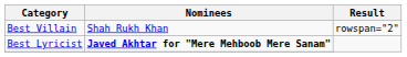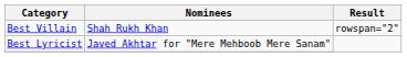 <table class="wikitable storable">
 <tr>
 <th>Category</th>
 <th>Nominees</th>
 <th>Result</th>
 </tr>
 <tr>
 <td><a href='#'>Best Villain</a></td>
 <td><a href='#'>Shah Rukh Khan</a></td>
 <td>rowspan="2"</td>
 </tr>
 <tr>
 <td><a href='#'>Best Lyricist</a></td>
-<td><strong><a href='#'>Javed Akhtar</a> for "Mere Mehboob Mere Sanam"</strong></td>
+<td><a href='#'>Javed Akhtar</a> for "Mere Mehboob Mere Sanam"</td>
 </tr>
 <tr>
 </tr>
 </table>
